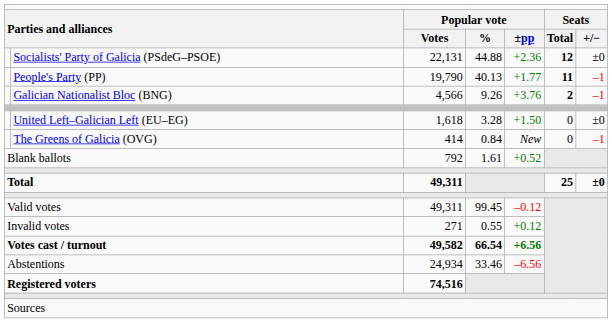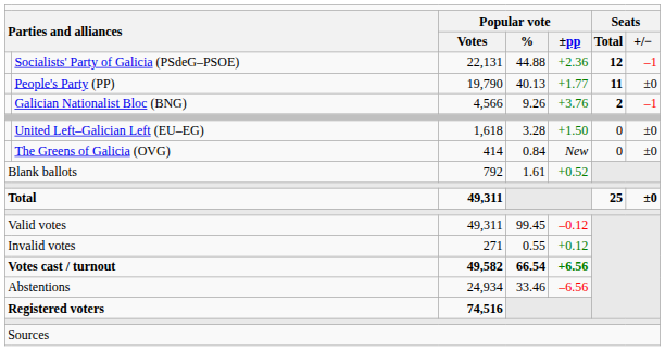 <table class="wikitable" style="text-align:right;">
 <tr>
 <td colspan="7"></td>
 </tr>
 <tr>
 <th style="text-align:left;" rowspan="2" colspan="2" width="525">Parties and alliances</th>
 <th colspan="3">Popular vote</th>
 <th colspan="2">Seats</th>
 </tr>
 <tr>
 <th width="75">Votes</th>
 <th width="45">%</th>
 <th width="45">±<a href='#'>pp</a></th>
 <th width="35">Total</th>
 <th width="35">+/−</th>
 </tr>
 <tr>
 <td width="1" style="color:inherit;background:"></td>
 <td align="left"><a href='#'>Socialists' Party of Galicia</a> (PSdeG–PSOE)</td>
 <td>22,131</td>
 <td>44.88</td>
 <td style="color:green;">+2.36</td>
 <td><strong>12</strong></td>
-<td>±0</td>
+<td style="color:red;">–1</td>
 </tr>
 <tr>
 <td style="color:inherit;background:"></td>
 <td align="left"><a href='#'>People's Party</a> (PP)</td>
 <td>19,790</td>
 <td>40.13</td>
 <td style="color:green;">+1.77</td>
 <td><strong>11</strong></td>
-<td style="color:red;">–1</td>
+<td>±0</td>
 </tr>
 <tr>
 <td style="color:inherit;background:"></td>
 <td align="left"><a href='#'>Galician Nationalist Bloc</a> (BNG)</td>
 <td>4,566</td>
 <td>9.26</td>
 <td style="color:green;">+3.76</td>
 <td><strong>2</strong></td>
 <td style="color:red;">–1</td>
 </tr>
 <tr>
 <td colspan="7" bgcolor="#C0C0C0"></td>
 </tr>
 <tr>
 <td style="color:inherit;background:"></td>
 <td align="left"><a href='#'>United Left–Galician Left</a> (EU–EG)</td>
 <td>1,618</td>
 <td>3.28</td>
 <td style="color:green;">+1.50</td>
 <td>0</td>
 <td>±0</td>
 </tr>
 <tr>
 <td style="color:inherit;background:"></td>
 <td align="left"><a href='#'>The Greens of Galicia</a> (OVG)</td>
 <td>414</td>
 <td>0.84</td>
 <td><em>New</em></td>
 <td>0</td>
-<td style="color:red;">–1</td>
+<td>±0</td>
 </tr>
 <tr>
 <td align="left" colspan="2">Blank ballots</td>
 <td>792</td>
 <td>1.61</td>
 <td style="color:green;">+0.52</td>
 <td bgcolor="#E9E9E9" colspan="2"></td>
 </tr>
 <tr>
 <td colspan="7" bgcolor="#E9E9E9"></td>
 </tr>
 <tr style="font-weight:bold;">
 <td align="left" colspan="2">Total</td>
 <td>49,311</td>
 <td bgcolor="#E9E9E9" colspan="2"></td>
 <td>25</td>
 <td>±0</td>
 </tr>
 <tr>
 <td colspan="7" bgcolor="#E9E9E9"></td>
 </tr>
 <tr>
 <td align="left" colspan="2">Valid votes</td>
 <td>49,311</td>
 <td>99.45</td>
 <td style="color:red;">–0.12</td>
 <td bgcolor="#E9E9E9" colspan="2" rowspan="5"></td>
 </tr>
 <tr>
 <td align="left" colspan="2">Invalid votes</td>
 <td>271</td>
 <td>0.55</td>
 <td style="color:green;">+0.12</td>
 </tr>
 <tr style="font-weight:bold;">
 <td align="left" colspan="2">Votes cast / turnout</td>
 <td>49,582</td>
 <td>66.54</td>
 <td style="color:green;">+6.56</td>
 </tr>
 <tr>
 <td align="left" colspan="2">Abstentions</td>
 <td>24,934</td>
 <td>33.46</td>
 <td style="color:red;">–6.56</td>
 </tr>
 <tr style="font-weight:bold;">
 <td align="left" colspan="2">Registered voters</td>
 <td>74,516</td>
 <td bgcolor="#E9E9E9" colspan="2"></td>
 </tr>
 <tr>
 <td colspan="7" bgcolor="#E9E9E9"></td>
 </tr>
 <tr>
 <td align="left" colspan="7">Sources</td>
 </tr>
 </table>
